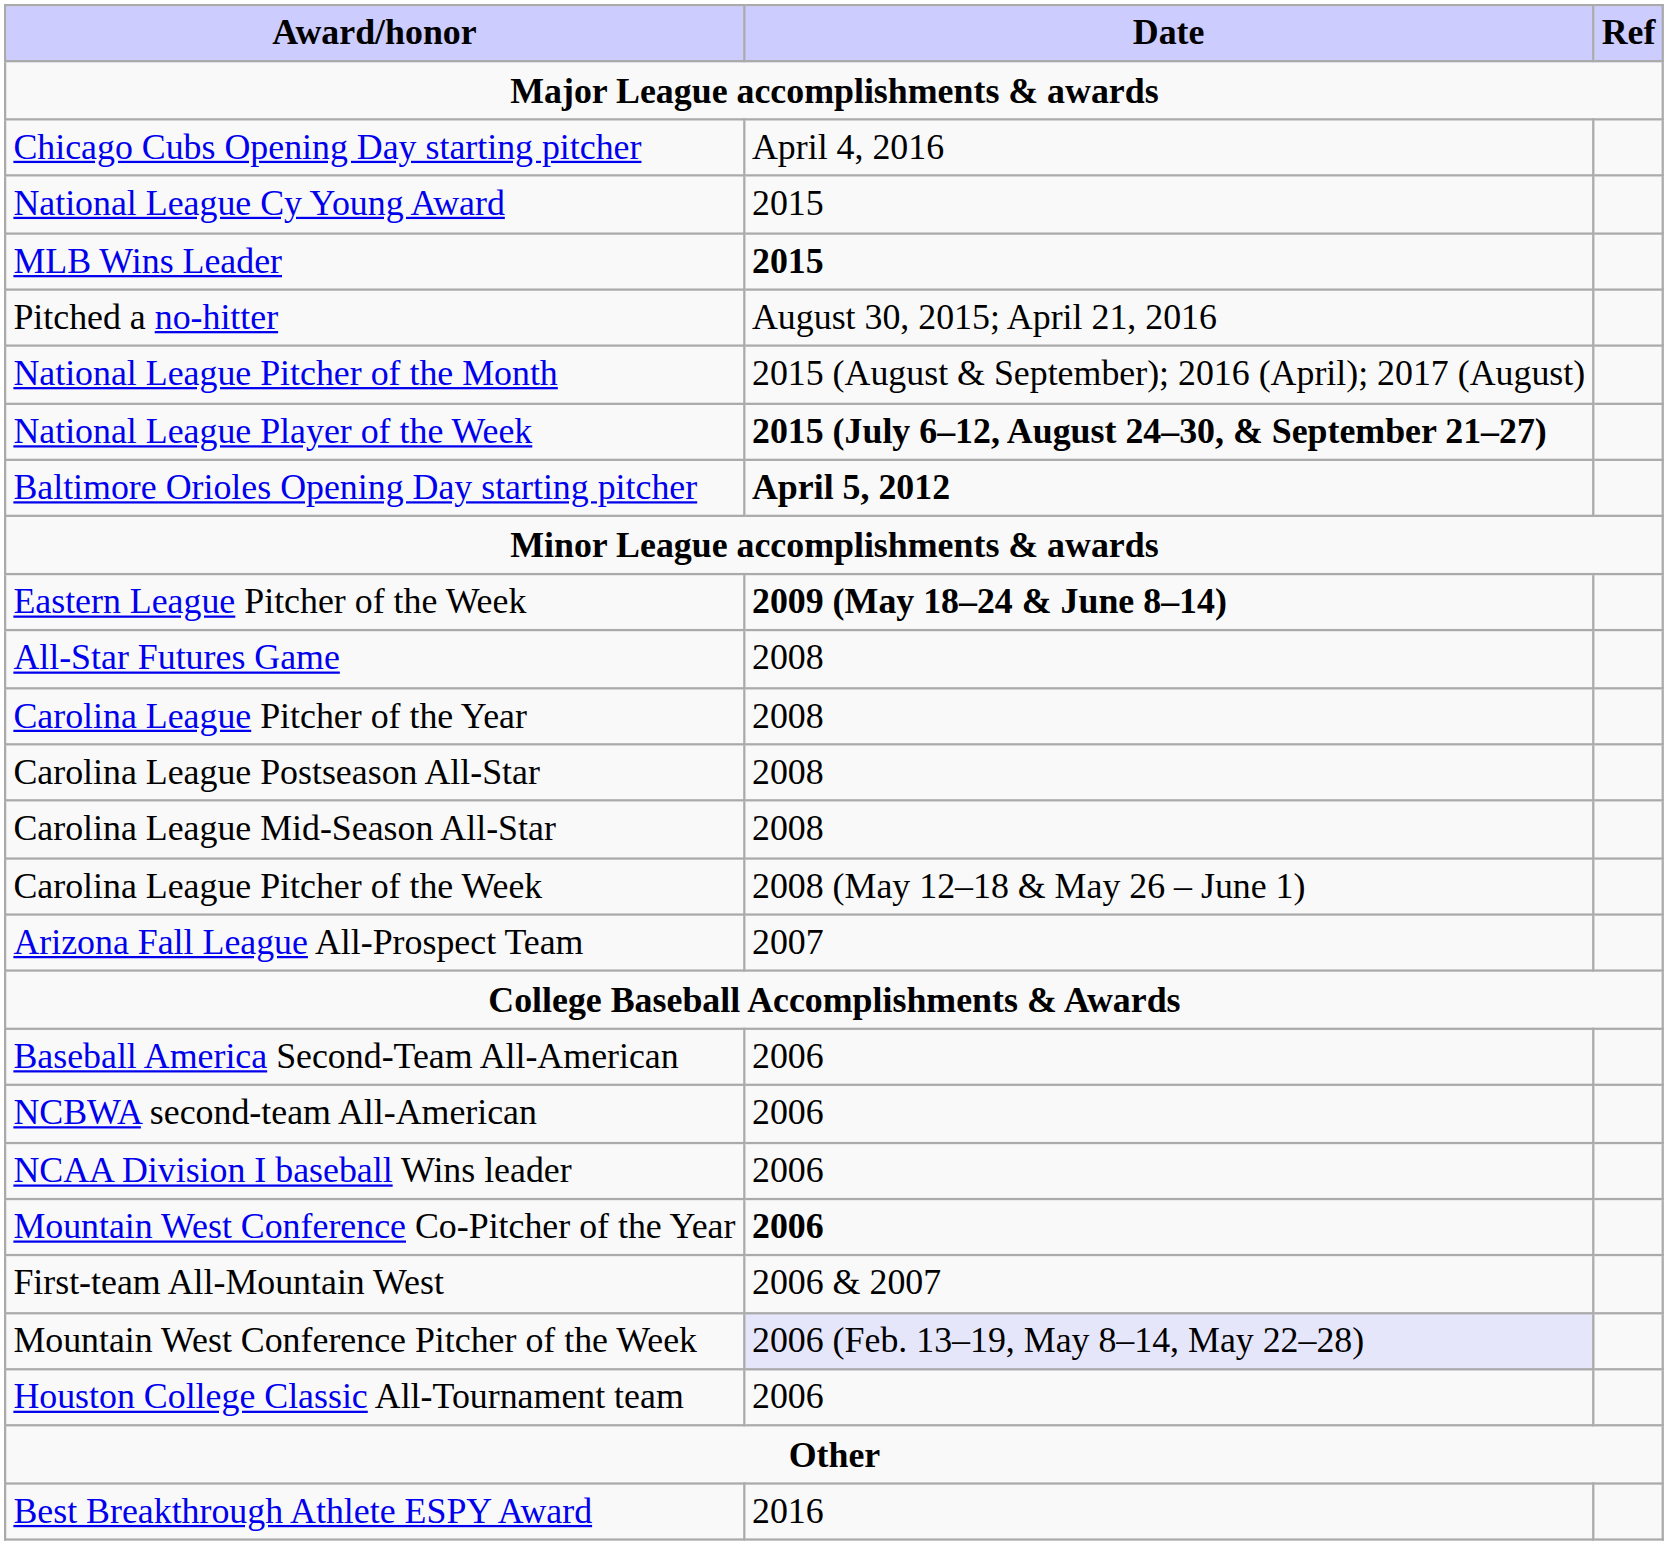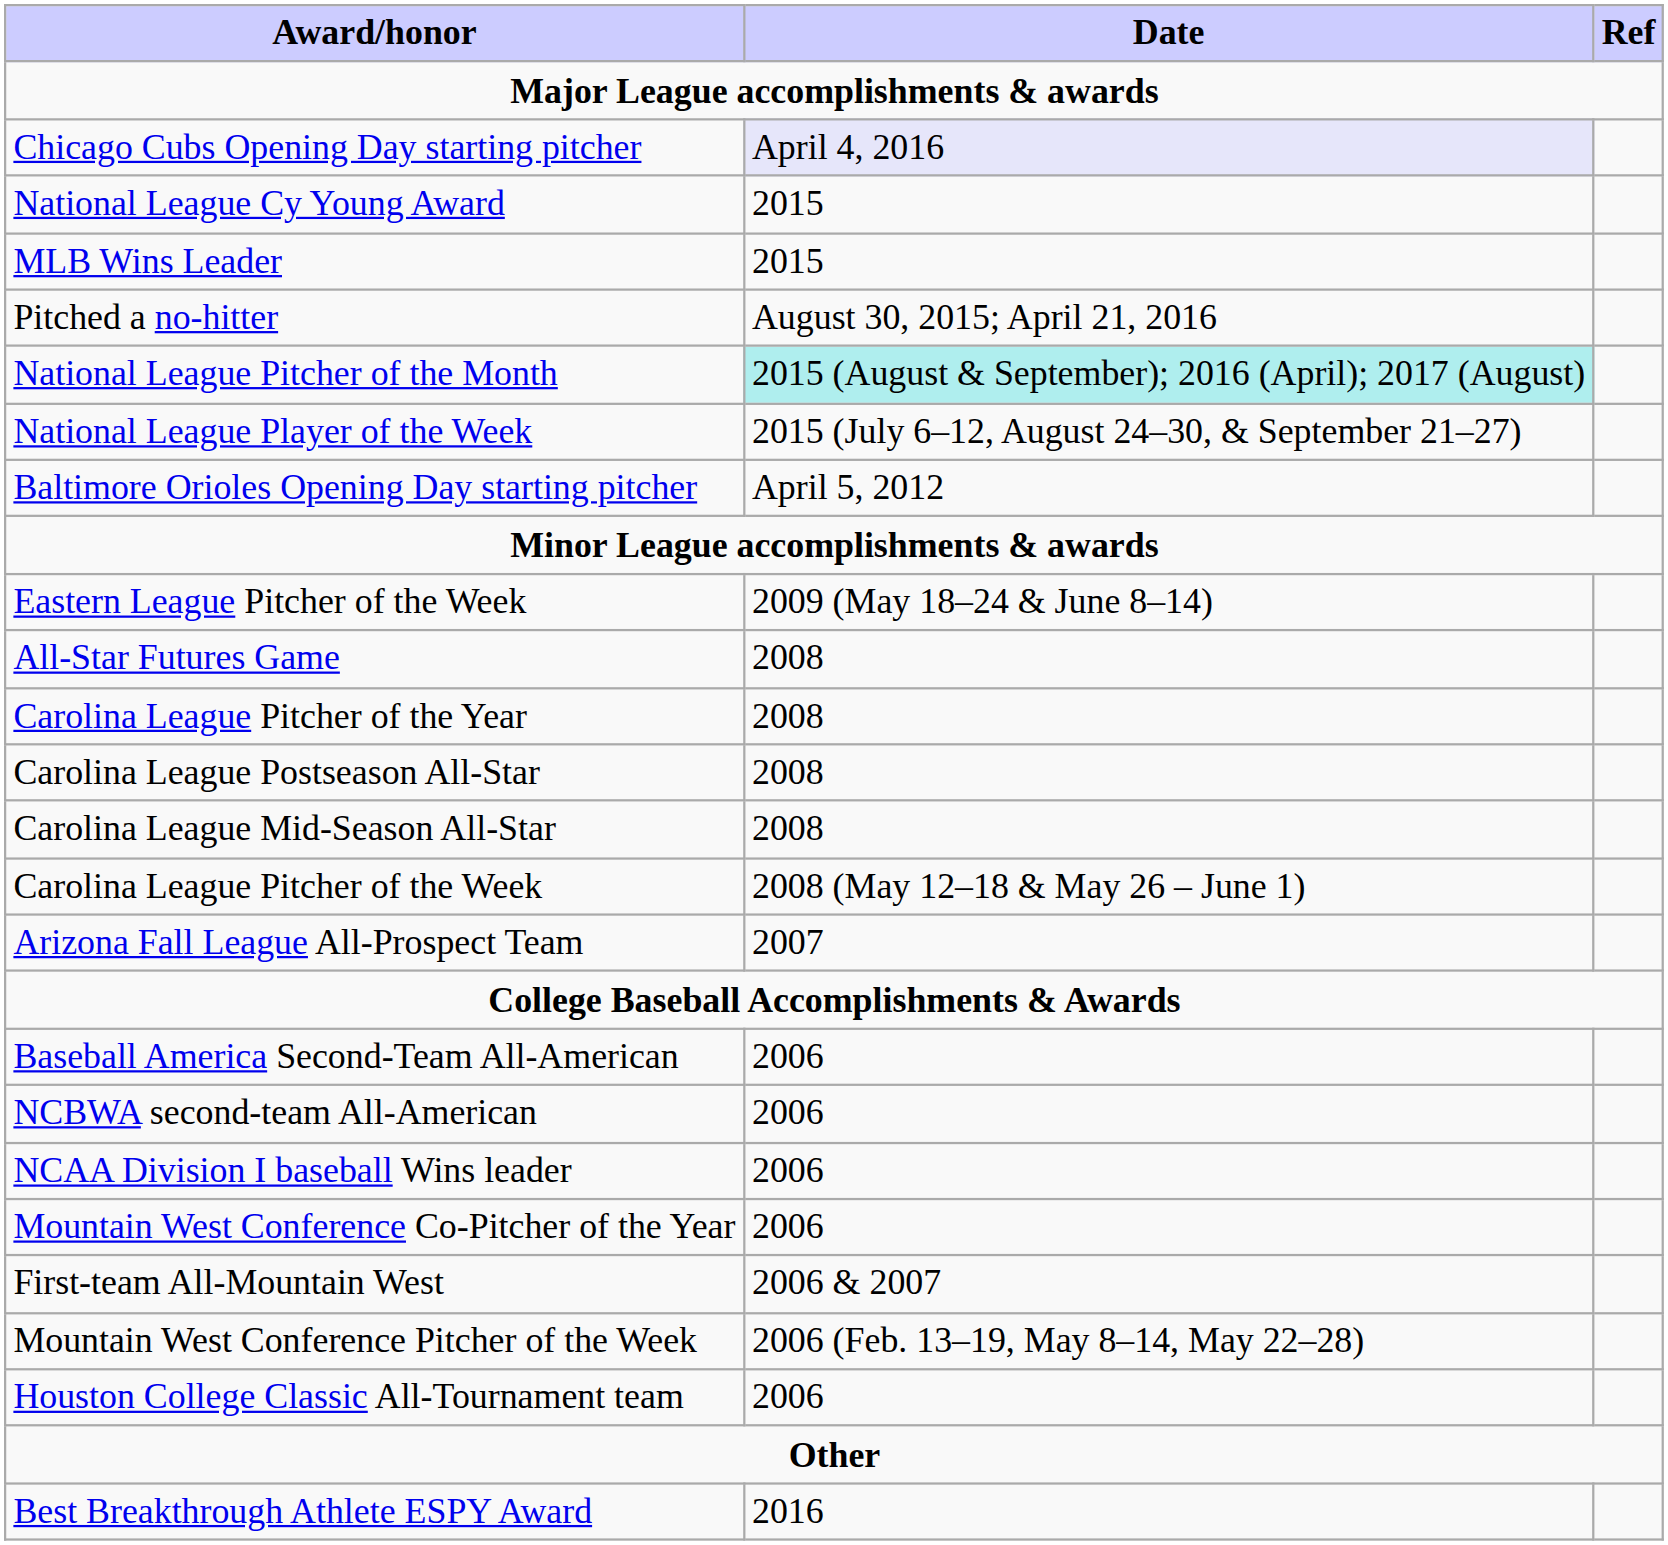 <table class="wikitable sortable" style="width:auto">
 <tr>
 <th style="background:#ccf;">Award/honor</th>
 <th style="background:#ccf;">Date</th>
 <th style="background:#ccf;">Ref</th>
 </tr>
 <tr>
 <td style="text-align:center;" "background:#ccf;" colspan="3"><strong>Major League accomplishments & awards</strong></td>
 </tr>
 <tr>
 <td><a href='#'>Chicago Cubs Opening Day starting pitcher</a></td>
-<td>April 4, 2016</td>
+<td style="background: lavender;">April 4, 2016</td>
 <td></td>
 </tr>
 <tr>
 <td><a href='#'>National League Cy Young Award</a></td>
 <td>2015</td>
 <td></td>
 </tr>
 <tr>
 <td><a href='#'>MLB Wins Leader</a></td>
-<td><strong>2015</strong></td>
+<td>2015</td>
 <td></td>
 </tr>
 <tr>
 <td>Pitched a <a href='#'>no-hitter</a></td>
 <td>August 30, 2015; April 21, 2016</td>
 <td></td>
 </tr>
 <tr>
 <td><a href='#'>National League Pitcher of the Month</a></td>
-<td>2015 (August & September); 2016 (April); 2017 (August)</td>
+<td style="background: paleturquoise;">2015 (August & September); 2016 (April); 2017 (August)</td>
 <td></td>
 </tr>
 <tr>
 <td><a href='#'>National League Player of the Week</a></td>
-<td><strong>2015 (July 6–12, August 24–30, & September 21–27)</strong></td>
+<td>2015 (July 6–12, August 24–30, & September 21–27)</td>
 <td></td>
 </tr>
 <tr>
 <td><a href='#'>Baltimore Orioles Opening Day starting pitcher</a></td>
-<td><strong>April 5, 2012</strong></td>
+<td>April 5, 2012</td>
 <td></td>
 </tr>
 <tr>
 <td style="text-align:center;" "background:#ccf;" colspan="3"><strong>Minor League accomplishments & awards</strong></td>
 </tr>
 <tr>
 <td><a href='#'>Eastern League</a> Pitcher of the Week</td>
-<td><strong>2009 (May 18–24 & June 8–14)</strong></td>
+<td>2009 (May 18–24 & June 8–14)</td>
 <td></td>
 </tr>
 <tr>
 <td><a href='#'>All-Star Futures Game</a></td>
 <td>2008</td>
 <td></td>
 </tr>
 <tr>
 <td><a href='#'>Carolina League</a> Pitcher of the Year</td>
 <td>2008</td>
 <td></td>
 </tr>
 <tr>
 <td>Carolina League Postseason All-Star</td>
 <td>2008</td>
 <td></td>
 </tr>
 <tr>
 <td>Carolina League Mid-Season All-Star</td>
 <td>2008</td>
 <td></td>
 </tr>
 <tr>
 <td>Carolina League Pitcher of the Week</td>
 <td>2008 (May 12–18 & May 26 – June 1)</td>
 <td></td>
 </tr>
 <tr>
 <td><a href='#'>Arizona Fall League</a> All-Prospect Team</td>
 <td>2007</td>
 <td></td>
 </tr>
 <tr>
 <td style="text-align:center;" "background:#ccf;" colspan="3"><strong>College Baseball Accomplishments & Awards</strong></td>
 </tr>
 <tr>
 <td><a href='#'>Baseball America</a> Second-Team All-American</td>
 <td>2006</td>
 <td></td>
 </tr>
 <tr>
 <td><a href='#'>NCBWA</a> second-team All-American</td>
 <td>2006</td>
 <td></td>
 </tr>
 <tr>
 <td><a href='#'>NCAA Division I baseball</a> Wins leader</td>
 <td>2006</td>
 <td></td>
 </tr>
 <tr>
 <td><a href='#'>Mountain West Conference</a> Co-Pitcher of the Year</td>
-<td><strong>2006</strong></td>
+<td>2006</td>
 <td></td>
 </tr>
 <tr>
 <td>First-team All-Mountain West</td>
 <td>2006 & 2007</td>
 <td></td>
 </tr>
 <tr>
 <td>Mountain West Conference Pitcher of the Week</td>
-<td style="background: lavender;">2006 (Feb. 13–19, May 8–14, May 22–28)</td>
+<td>2006 (Feb. 13–19, May 8–14, May 22–28)</td>
 <td></td>
 </tr>
 <tr>
 <td><a href='#'>Houston College Classic</a> All-Tournament team</td>
 <td>2006</td>
 <td></td>
 </tr>
 <tr>
 <td style="text-align:center;" "background:#ccf;" colspan="3"><strong>Other</strong></td>
 </tr>
 <tr>
 <td><a href='#'>Best Breakthrough Athlete ESPY Award</a></td>
 <td>2016</td>
 <td></td>
 </tr>
 </table>
